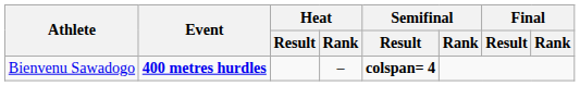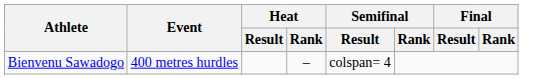 <table class="wikitable" style="font-size:90%">
 <tr>
 <th rowspan="2">Athlete</th>
 <th rowspan="2">Event</th>
 <th colspan="2">Heat</th>
 <th colspan="2">Semifinal</th>
 <th colspan="2">Final</th>
 </tr>
 <tr>
 <th>Result</th>
 <th>Rank</th>
 <th>Result</th>
 <th>Rank</th>
 <th>Result</th>
 <th>Rank</th>
 </tr>
 <tr style=text-align:center>
 <td style=text-align:left><a href='#'>Bienvenu Sawadogo</a></td>
-<td style=text-align:left><strong><a href='#'>400 metres hurdles</a></strong></td>
+<td style=text-align:left><a href='#'>400 metres hurdles</a></td>
 <td></td>
 <td>–</td>
-<td><strong>colspan= 4 </strong></td>
+<td>colspan= 4 </td>
 </tr>
 </table>
